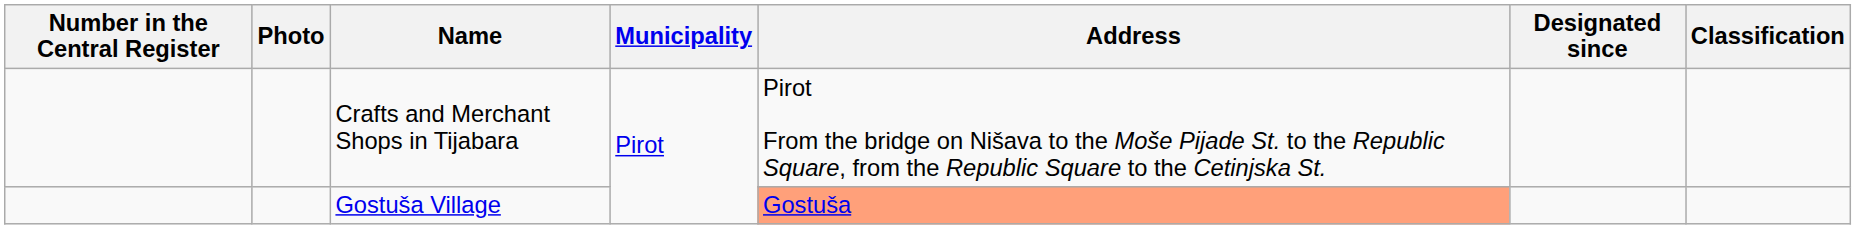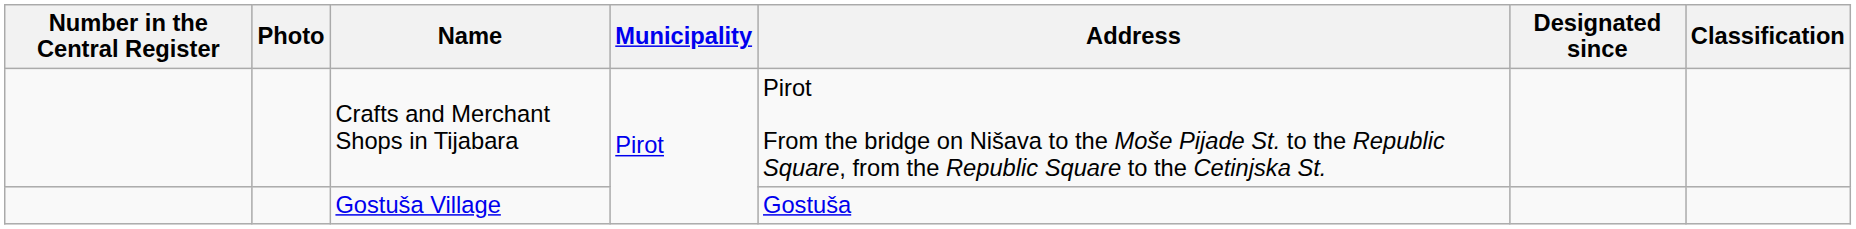 <table class="wikitable sortable">
 <tr>
 <th>Number in the Central Register</th>
 <th>Photo</th>
 <th>Name</th>
 <th><a href='#'>Municipality</a></th>
 <th>Address</th>
 <th>Designated since</th>
 <th>Classification</th>
 </tr>
 <tr>
 <td></td>
 <td></td>
 <td>Crafts and Merchant Shops in Tijabara</td>
 <td rowspan="2"><a href='#'>Pirot</a></td>
 <td>Pirot<br><br>From the bridge on Nišava to the <em>Moše Pijade St.</em> to the <em>Republic Square</em>, from the <em>Republic Square</em> to the <em>Cetinjska St.</em><br> </td>
 <td></td>
 <td></td>
 </tr>
 <tr>
 <td></td>
 <td></td>
 <td><a href='#'>Gostuša Village</a></td>
-<td style="background: lightsalmon;"><a href='#'>Gostuša</a><br></td>
+<td><a href='#'>Gostuša</a><br></td>
 <td></td>
 <td></td>
 </tr>
 </table>
